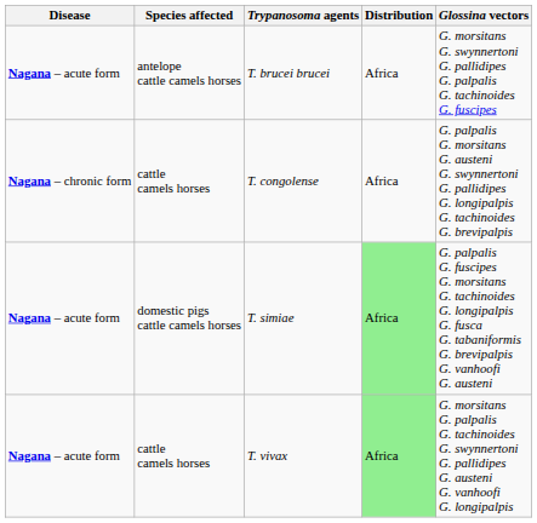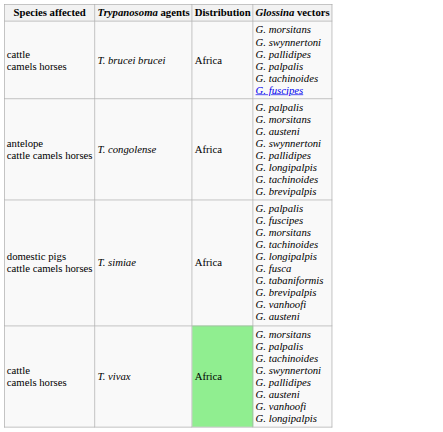 <table class="wikitable">
 <tr>
-<th>Disease</th>
 <th>Species affected</th>
 <th><em>Trypanosoma</em> agents</th>
 <th>Distribution</th>
 <th><em>Glossina</em> vectors</th>
 </tr>
 <tr>
-<td><strong><a href='#'>Nagana</a></strong> – acute form</td>
-<td>antelope<br>cattle camels horses</td>
+<td>cattle<br>camels horses</td>
 <td><em>T. brucei brucei</em></td>
 <td>Africa</td>
 <td><em>G. morsitans</em><br><em>G. swynnertoni</em><br><em>G. pallidipes</em><br><em>G. palpalis</em><br><em>G. tachinoides</em><br><em><a href='#'>G. fuscipes</a></em></td>
 </tr>
 <tr>
-<td><strong><a href='#'>Nagana</a></strong> – chronic form</td>
-<td>cattle<br>camels horses</td>
+<td>antelope<br>cattle camels horses</td>
 <td><em>T. congolense</em></td>
 <td>Africa</td>
 <td><em>G. palpalis</em><br><em>G. morsitans</em><br><em>G. austeni</em><br><em>G. swynnertoni</em><br><em>G. pallidipes</em><br><em>G. longipalpis</em><br><em>G. tachinoides</em><br><em>G. brevipalpis</em></td>
 </tr>
 <tr>
-<td><strong><a href='#'>Nagana</a></strong> – acute form</td>
 <td>domestic pigs<br>cattle camels horses</td>
 <td><em>T. simiae</em></td>
-<td style="background: lightgreen;">Africa</td>
+<td>Africa</td>
 <td><em>G. palpalis</em><br><em>G. fuscipes</em><br><em>G. morsitans</em><br><em>G. tachinoides</em><br><em>G. longipalpis</em><br><em>G. fusca</em><br><em>G. tabaniformis</em><br><em>G. brevipalpis</em><br><em>G. vanhoofi</em><br><em>G. austeni</em></td>
 </tr>
 <tr>
-<td><strong><a href='#'>Nagana</a></strong> – acute form</td>
 <td>cattle<br>camels horses</td>
 <td><em>T. vivax</em></td>
 <td style="background: lightgreen;">Africa</td>
 <td><em>G. morsitans</em><br><em>G. palpalis</em><br><em>G. tachinoides</em><br><em>G. swynnertoni</em><br><em>G. pallidipes</em><br><em>G. austeni</em><br><em>G. vanhoofi</em><br><em>G. longipalpis</em></td>
 </tr>
 </table>
